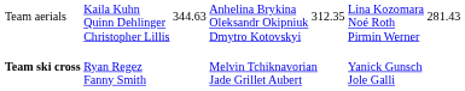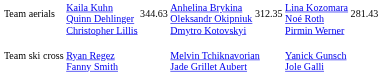 <table>
 <tr>
 <td>Team aerials<br></td>
 <td><br><a href='#'>Kaila Kuhn</a><br><a href='#'>Quinn Dehlinger</a><br><a href='#'>Christopher Lillis</a></td>
 <td>344.63</td>
 <td><br><a href='#'>Anhelina Brykina</a><br><a href='#'>Oleksandr Okipniuk</a><br><a href='#'>Dmytro Kotovskyi</a></td>
 <td>312.35</td>
 <td><br><a href='#'>Lina Kozomara</a><br><a href='#'>Noé Roth</a><br><a href='#'>Pirmin Werner</a></td>
 <td>281.43</td>
 </tr>
 <tr>
-<td><strong>Team ski cross<br></strong></td>
+<td>Team ski cross<br></td>
 <td colspan=2><br><a href='#'>Ryan Regez</a><br><a href='#'>Fanny Smith</a></td>
 <td colspan=2><br><a href='#'>Melvin Tchiknavorian</a><br><a href='#'>Jade Grillet Aubert</a></td>
 <td colspan=2><br><a href='#'>Yanick Gunsch</a><br><a href='#'>Jole Galli</a></td>
 </tr>
 </table>
